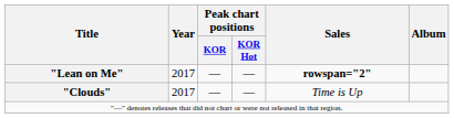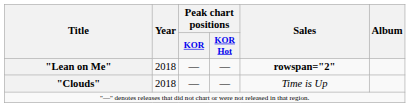 <table class="wikitable plainrowheaders" style="text-align:center;">
 <tr>
 <th scope="col" rowspan="2" style="width:14em;">Title</th>
 <th scope="col" rowspan="2">Year</th>
 <th scope="col" colspan="2">Peak chart positions</th>
 <th scope="col" rowspan="2" style="width:12em;">Sales</th>
 <th scope="col" rowspan="2">Album</th>
 </tr>
 <tr>
 <th scope="col" style="width:3em;font-size:85%;"><a href='#'>KOR</a></th>
 <th scope="col" style="width:3em;font-size:85%;"><a href='#'>KOR Hot</a></th>
 </tr>
 <tr>
 <th scope="row">"Lean on Me"</th>
-<td>2017</td>
+<td>2018</td>
 <td>—</td>
 <td>—</td>
 <td><strong>rowspan="2" </strong></td>
 <td></td>
 </tr>
 <tr>
 <th scope="row">"Clouds"</th>
-<td>2017</td>
+<td>2018</td>
 <td>—</td>
 <td>—</td>
 <td><em>Time is Up</em></td>
 </tr>
 <tr>
 <td colspan="6" style="font-size:8pt;">"—" denotes releases that did not chart or were not released in that region.</td>
 </tr>
 </table>
